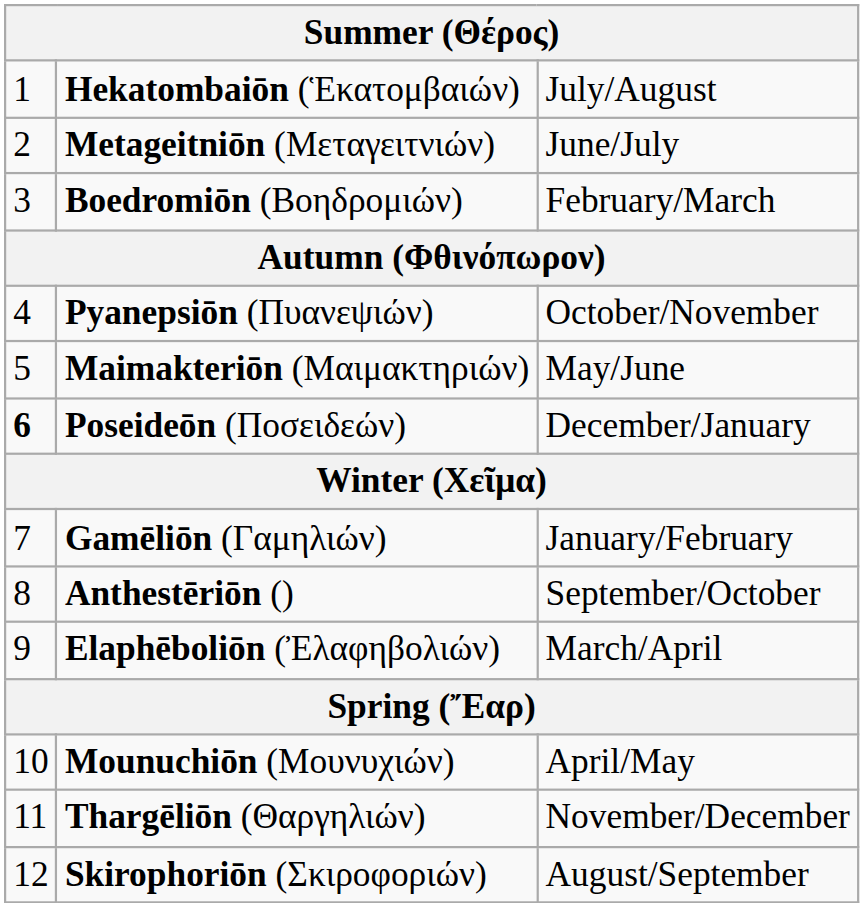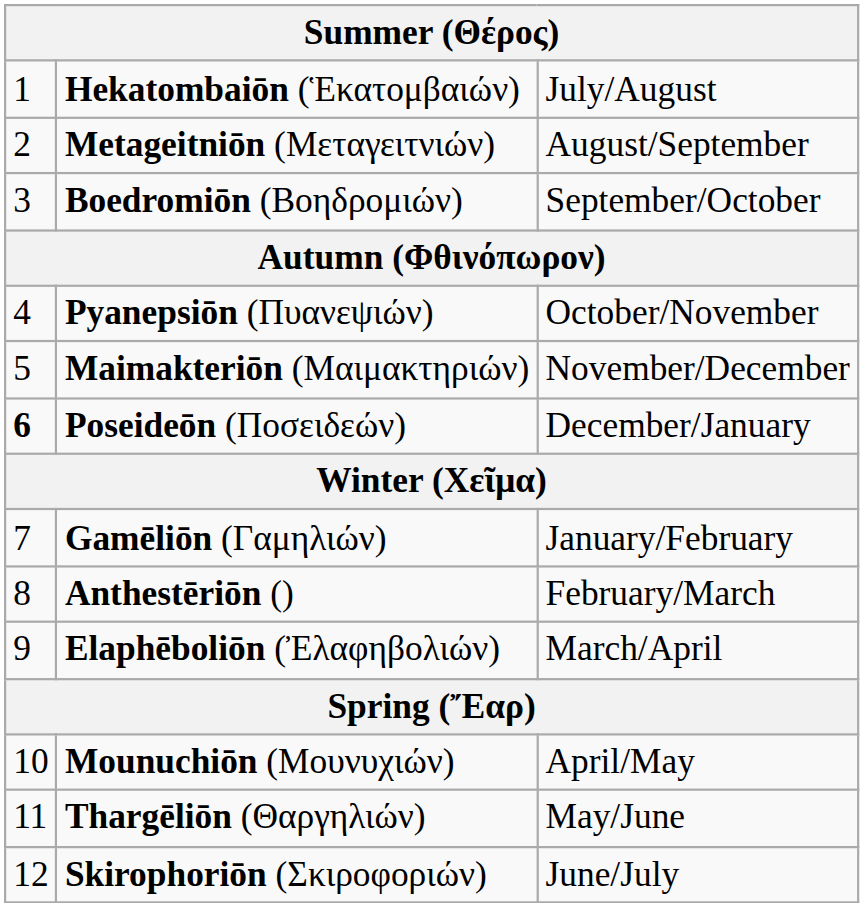 <table class="wikitable">
 <tr>
 <th colspan="3">Summer (Θέρος)</th>
 </tr>
 <tr>
 <td>1</td>
 <td><strong>Hekatombaiōn</strong> (Ἑκατομβαιών)</td>
 <td>July/August</td>
 </tr>
 <tr>
 <td>2</td>
 <td><strong>Metageitniōn</strong> (Μεταγειτνιών)</td>
-<td>June/July</td>
+<td>August/September</td>
 </tr>
 <tr>
 <td>3</td>
 <td><strong>Boedromiōn</strong> (Βοηδρομιών)</td>
-<td>February/March</td>
+<td>September/October</td>
 </tr>
 <tr>
 <th colspan="3">Autumn (Φθινόπωρον)</th>
 </tr>
 <tr>
 <td>4</td>
 <td><strong>Pyanepsiōn</strong> (Πυανεψιών)</td>
 <td>October/November</td>
 </tr>
 <tr>
 <td>5</td>
 <td><strong>Maimakteriōn</strong> (Μαιμακτηριών)</td>
-<td>May/June</td>
+<td>November/December</td>
 </tr>
 <tr>
 <td><strong>6</strong></td>
 <td><strong>Poseideōn</strong> (Ποσειδεών)</td>
 <td>December/January</td>
 </tr>
 <tr>
 <th colspan="3">Winter (Χεῖμα)</th>
 </tr>
 <tr>
 <td>7</td>
 <td><strong>Gamēliōn</strong> (Γαμηλιών)</td>
 <td>January/February</td>
 </tr>
 <tr>
 <td>8</td>
 <td><strong>Anthestēriōn</strong> ()</td>
-<td>September/October</td>
+<td>February/March</td>
 </tr>
 <tr>
 <td>9</td>
 <td><strong>Elaphēboliōn</strong> (Ἐλαφηβολιών)</td>
 <td>March/April</td>
 </tr>
 <tr>
 <th colspan="3">Spring (Ἔαρ)</th>
 </tr>
 <tr>
 <td>10</td>
 <td><strong>Mounuchiōn</strong> (Μουνυχιών)</td>
 <td>April/May</td>
 </tr>
 <tr>
 <td>11</td>
 <td><strong>Thargēliōn</strong> (Θαργηλιών)</td>
-<td>November/December</td>
+<td>May/June</td>
 </tr>
 <tr>
 <td>12</td>
 <td><strong>Skirophoriōn</strong> (Σκιροφοριών)</td>
-<td>August/September</td>
+<td>June/July</td>
 </tr>
 </table>
